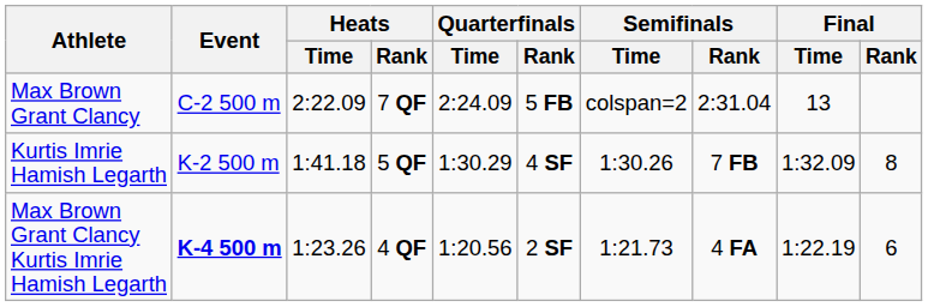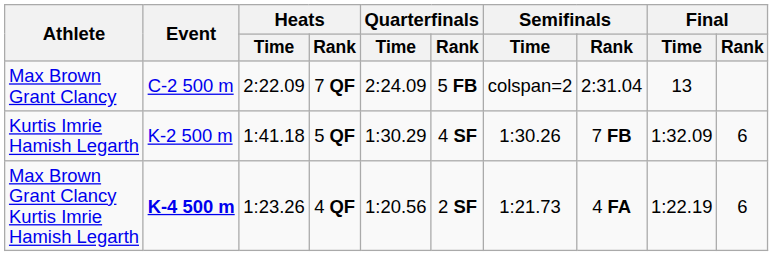 <table class=wikitable style=font-size:90%;text-align:center>
 <tr>
 <th rowspan=2>Athlete</th>
 <th rowspan=2>Event</th>
 <th colspan=2>Heats</th>
 <th colspan=2>Quarterfinals</th>
 <th colspan=2>Semifinals</th>
 <th colspan=2>Final</th>
 </tr>
 <tr style=font-size:95%>
 <th>Time</th>
 <th>Rank</th>
 <th>Time</th>
 <th>Rank</th>
 <th>Time</th>
 <th>Rank</th>
 <th>Time</th>
 <th>Rank</th>
 </tr>
 <tr>
 <td align=left><a href='#'>Max Brown</a><br><a href='#'>Grant Clancy</a></td>
 <td align=left><a href='#'>C-2 500 m</a></td>
 <td>2:22.09</td>
 <td>7 <strong>QF</strong></td>
 <td>2:24.09</td>
 <td>5 <strong>FB</strong></td>
 <td>colspan=2 </td>
 <td>2:31.04</td>
 <td>13</td>
 </tr>
 <tr>
 <td align=left><a href='#'>Kurtis Imrie</a><br><a href='#'>Hamish Legarth</a></td>
 <td align=left><a href='#'>K-2 500 m</a></td>
 <td>1:41.18</td>
 <td>5 <strong>QF</strong></td>
 <td>1:30.29</td>
 <td>4 <strong>SF</strong></td>
 <td>1:30.26</td>
 <td>7 <strong>FB</strong></td>
 <td>1:32.09</td>
-<td>8</td>
+<td>6</td>
 </tr>
 <tr>
 <td align=left><a href='#'>Max Brown</a><br><a href='#'>Grant Clancy</a><br><a href='#'>Kurtis Imrie</a><br><a href='#'>Hamish Legarth</a></td>
 <td align=left><strong><a href='#'>K-4 500 m</a></strong></td>
 <td>1:23.26</td>
 <td>4 <strong>QF</strong></td>
 <td>1:20.56</td>
 <td>2 <strong>SF</strong></td>
 <td>1:21.73</td>
 <td>4 <strong>FA</strong></td>
 <td>1:22.19</td>
 <td>6</td>
 </tr>
 </table>
